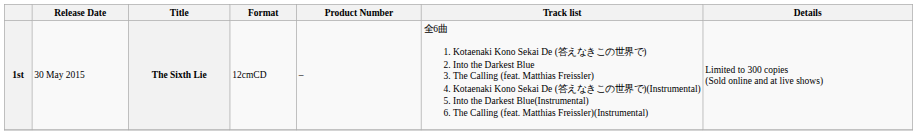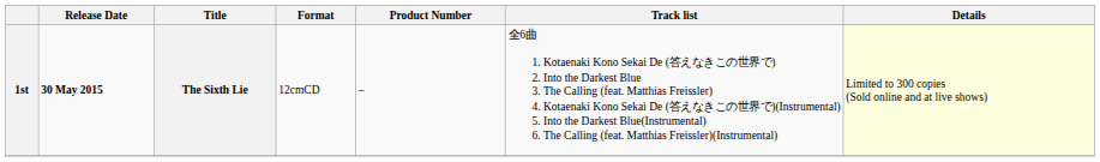 <table class="wikitable" style="font-size:small">
 <tr>
 <th> </th>
 <th>Release Date</th>
 <th>Title</th>
 <th>Format</th>
 <th>Product Number</th>
 <th style="width:31%">Track list</th>
 <th>Details</th>
 </tr>
 <tr>
 <th>1st</th>
-<td>30 May 2015</td>
+<td><strong>30 May 2015</strong></td>
 <th><strong>The Sixth Lie</strong></th>
 <td>12cmCD</td>
 <td>–</td>
 <td>全6曲<br><ol><li>Kotaenaki Kono Sekai De (答えなきこの世界で)</li><li>Into the Darkest Blue</li><li>The Calling (feat. Matthias Freissler)</li><li>Kotaenaki Kono Sekai De (答えなきこの世界で)(Instrumental)</li><li>Into the Darkest Blue(Instrumental)</li><li>The Calling (feat. Matthias Freissler)(Instrumental)</li></ol></td>
-<td>Limited to 300 copies<br>(Sold online and at live shows)</td>
+<td style="background: lightyellow;">Limited to 300 copies<br>(Sold online and at live shows)</td>
 </tr>
 <tr>
 </tr>
 </table>
